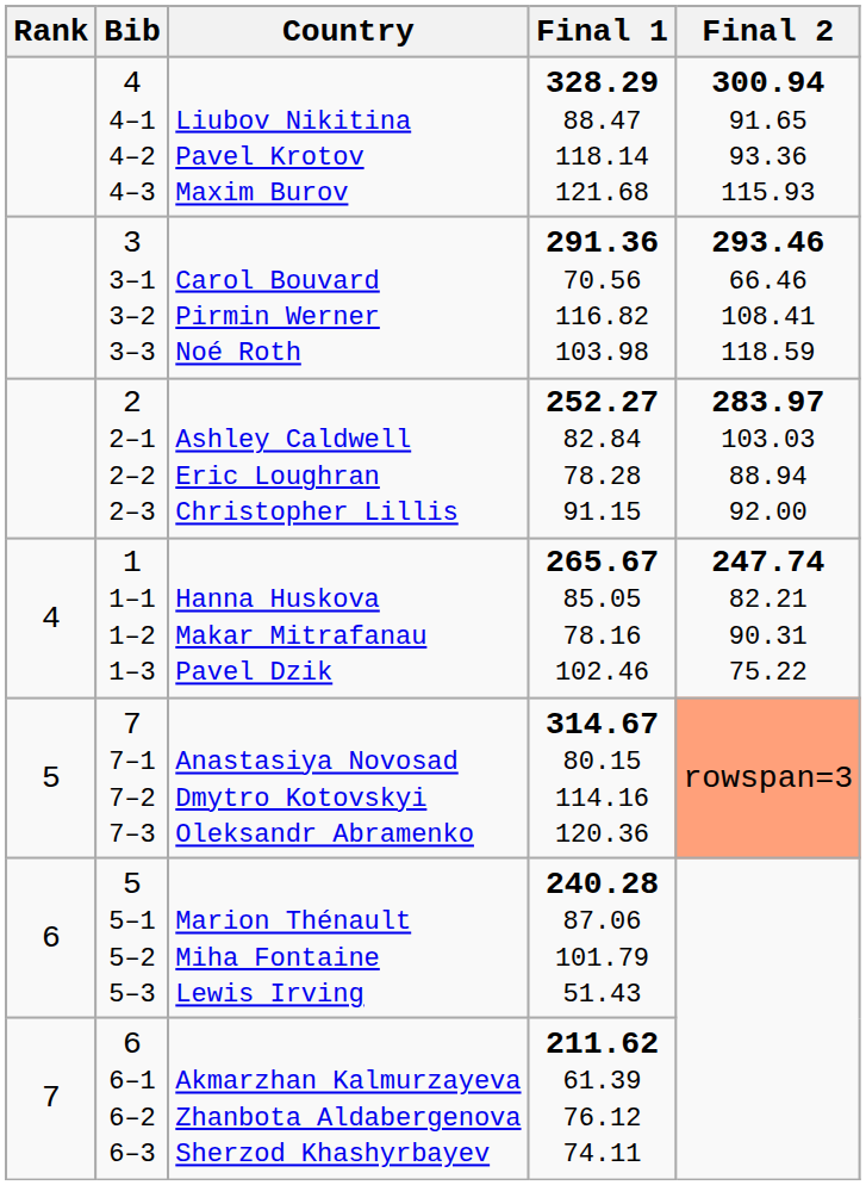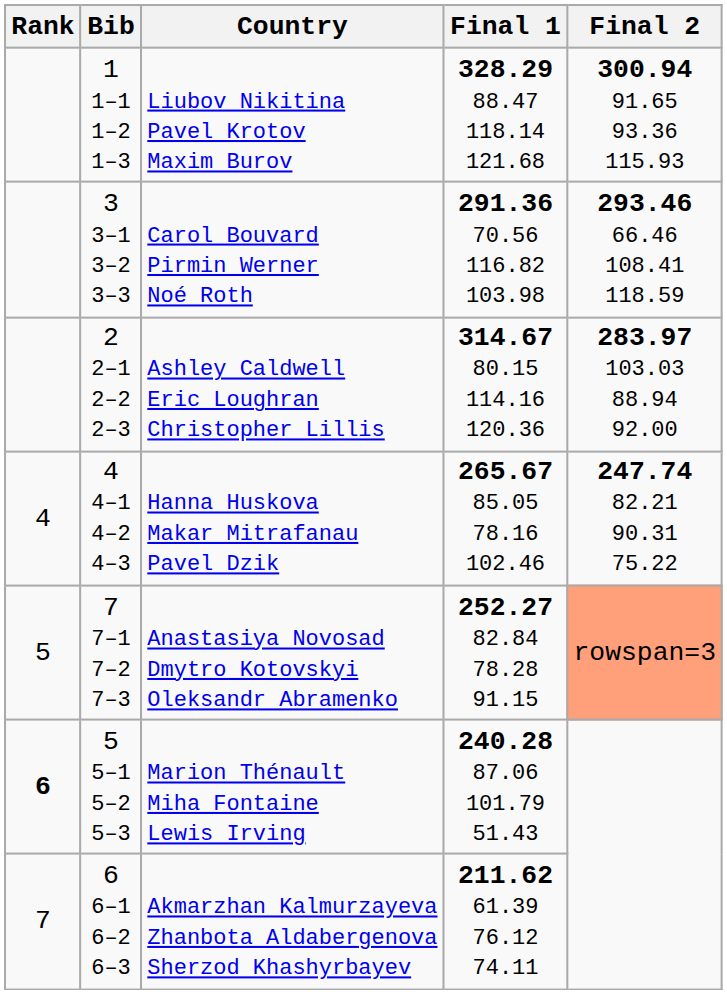 <table class="wikitable sortable" style="text-align:center">
 <tr>
 <th>Rank</th>
 <th>Bib</th>
 <th>Country</th>
 <th>Final 1</th>
 <th>Final 2</th>
 </tr>
 <tr>
 <td></td>
-<td>4<br><small>4–1<br>4–2<br>4–3</small></td>
+<td>1<br><small>1–1<br>1–2<br>1–3</small></td>
 <td align=left><br><small><a href='#'>Liubov Nikitina</a><br><a href='#'>Pavel Krotov</a><br><a href='#'>Maxim Burov</a></small></td>
 <td><strong>328.29</strong><br><small>88.47<br>118.14<br>121.68</small></td>
 <td><strong>300.94</strong><br><small>91.65<br>93.36<br>115.93</small></td>
 </tr>
 <tr>
 <td></td>
 <td>3<br><small>3–1<br>3–2<br>3–3</small></td>
 <td align=left><br><small><a href='#'>Carol Bouvard</a><br><a href='#'>Pirmin Werner</a><br><a href='#'>Noé Roth</a></small></td>
 <td><strong>291.36</strong><br><small>70.56<br>116.82<br>103.98</small></td>
 <td><strong>293.46</strong><br><small>66.46<br>108.41<br>118.59</small></td>
 </tr>
 <tr>
 <td></td>
 <td>2<br><small>2–1<br>2–2<br>2–3</small></td>
 <td align=left><br><small><a href='#'>Ashley Caldwell</a><br><a href='#'>Eric Loughran</a><br><a href='#'>Christopher Lillis</a></small></td>
-<td><strong>252.27</strong><br><small>82.84<br>78.28<br>91.15</small></td>
+<td><strong>314.67</strong><br><small>80.15<br>114.16<br>120.36</small></td>
 <td><strong>283.97</strong><br><small>103.03<br>88.94<br>92.00</small></td>
 </tr>
 <tr>
 <td>4</td>
-<td>1<br><small>1–1<br>1–2<br>1–3</small></td>
+<td>4<br><small>4–1<br>4–2<br>4–3</small></td>
 <td align=left><br><small><a href='#'>Hanna Huskova</a><br><a href='#'>Makar Mitrafanau</a><br><a href='#'>Pavel Dzik</a></small></td>
 <td><strong>265.67</strong><br><small>85.05<br>78.16<br>102.46</small></td>
 <td><strong>247.74</strong><br><small>82.21<br>90.31<br>75.22</small></td>
 </tr>
 <tr>
 <td>5</td>
 <td>7<br><small>7–1<br>7–2<br>7–3</small></td>
 <td align=left><br><small><a href='#'>Anastasiya Novosad</a><br><a href='#'>Dmytro Kotovskyi</a><br><a href='#'>Oleksandr Abramenko</a></small></td>
-<td><strong>314.67</strong><br><small>80.15<br>114.16<br>120.36</small></td>
+<td><strong>252.27</strong><br><small>82.84<br>78.28<br>91.15</small></td>
 <td style="background: lightsalmon;">rowspan=3 </td>
 </tr>
 <tr>
-<td>6</td>
+<td><strong>6</strong></td>
 <td>5<br><small>5–1<br>5–2<br>5–3</small></td>
 <td align=left><br><small><a href='#'>Marion Thénault</a><br><a href='#'>Miha Fontaine</a><br><a href='#'>Lewis Irving</a></small></td>
 <td><strong>240.28</strong><br><small>87.06<br>101.79<br>51.43</small></td>
 </tr>
 <tr>
 <td>7</td>
 <td>6<br><small>6–1<br>6–2<br>6–3</small></td>
 <td align=left><br><small><a href='#'>Akmarzhan Kalmurzayeva</a><br><a href='#'>Zhanbota Aldabergenova</a><br><a href='#'>Sherzod Khashyrbayev</a></small></td>
 <td><strong>211.62</strong><br><small>61.39<br>76.12<br>74.11</small></td>
 </tr>
 </table>
